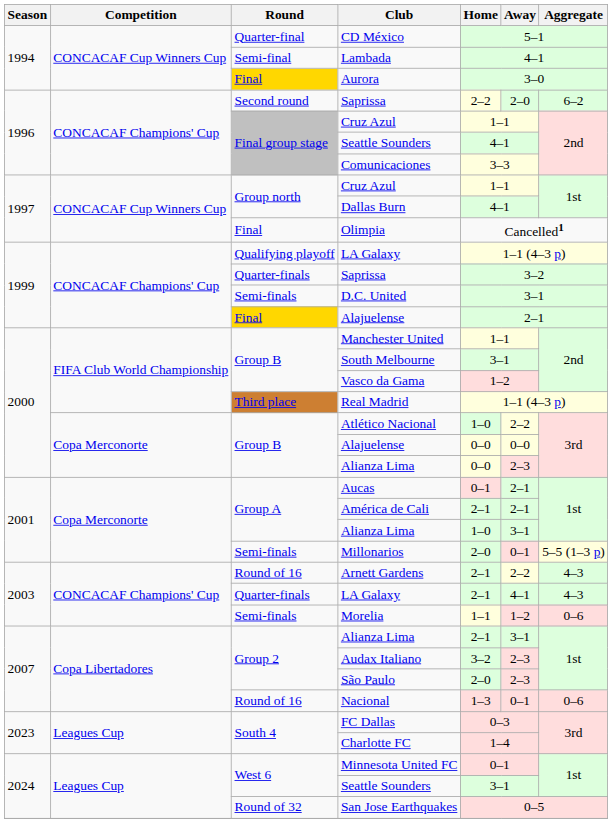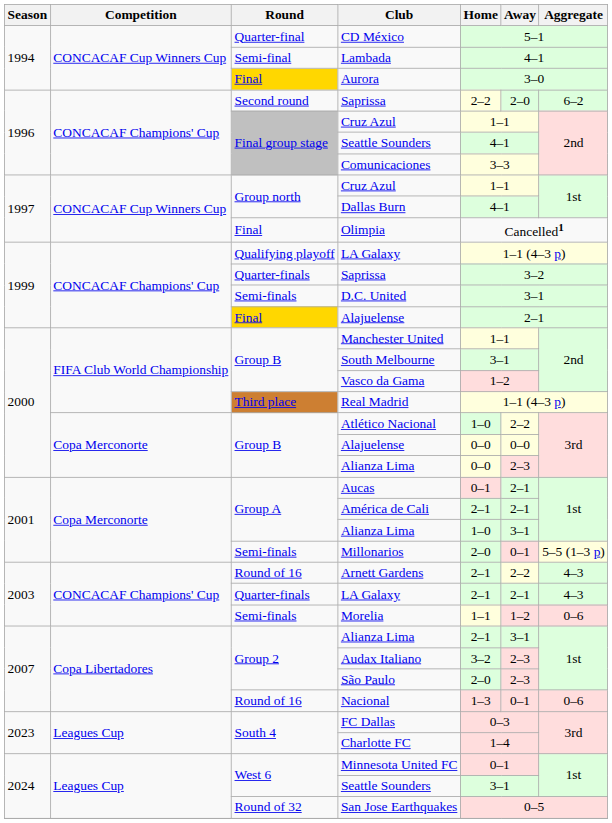 <table class="wikitable">
 <tr>
 <th>Season</th>
 <th>Competition</th>
 <th>Round</th>
 <th>Club</th>
 <th>Home</th>
 <th>Away</th>
 <th>Aggregate</th>
 </tr>
 <tr>
 <td rowspan=3>1994</td>
 <td rowspan=3><a href='#'>CONCACAF Cup Winners Cup</a></td>
 <td rowspan=1><a href='#'>Quarter-final</a></td>
 <td> <a href='#'>CD México</a></td>
 <td colspan=3 style="text-align:center; background:#dfd;">5–1</td>
 </tr>
 <tr>
 <td rowspan=1><a href='#'>Semi-final</a></td>
 <td> <a href='#'>Lambada</a></td>
 <td colspan=3 style="text-align:center; background:#dfd;">4–1</td>
 </tr>
 <tr>
 <td style="background:#FFD700"><a href='#'>Final</a></td>
 <td> <a href='#'>Aurora</a></td>
 <td colspan=3 style="text-align:center; background:#dfd;">3–0</td>
 </tr>
 <tr>
 <td rowspan=4>1996</td>
 <td rowspan=4><a href='#'>CONCACAF Champions' Cup</a></td>
 <td><a href='#'>Second round</a></td>
 <td> <a href='#'>Saprissa</a></td>
 <td style="text-align:center; background:#ffd;">2–2</td>
 <td style="text-align:center; background:#dfd;">2–0</td>
 <td style="text-align:center; background:#dfd;">6–2</td>
 </tr>
 <tr>
 <td rowspan=3 style="background:#C0C0C0;"><a href='#'>Final group stage</a></td>
 <td> <a href='#'>Cruz Azul</a></td>
 <td colspan=2 style="text-align:center; background:#ffd;">1–1</td>
 <td rowspan=3 style="text-align:center; background:#fdd;">2nd</td>
 </tr>
 <tr>
 <td> <a href='#'>Seattle Sounders</a></td>
 <td colspan=2 style="text-align:center; background:#dfd;">4–1</td>
 </tr>
 <tr>
 <td> <a href='#'>Comunicaciones</a></td>
 <td colspan=2 style="text-align:center; background:#ffd;">3–3</td>
 </tr>
 <tr>
 <td rowspan=3>1997</td>
 <td rowspan=3><a href='#'>CONCACAF Cup Winners Cup</a></td>
 <td rowspan=2><a href='#'>Group north</a></td>
 <td> <a href='#'>Cruz Azul</a></td>
 <td colspan=2 style="text-align:center; background:#ffd;">1–1</td>
 <td rowspan=2 style="text-align:center; background:#dfd;">1st</td>
 </tr>
 <tr>
 <td> <a href='#'>Dallas Burn</a></td>
 <td colspan=2 style="text-align:center; background:#dfd;">4–1</td>
 </tr>
 <tr>
 <td><a href='#'>Final</a></td>
 <td> <a href='#'>Olimpia</a></td>
 <td colspan=3 style="text-align:center">Cancelled<sup><strong>1</strong></sup></td>
 </tr>
 <tr>
 <td rowspan=4>1999</td>
 <td rowspan=4><a href='#'>CONCACAF Champions' Cup</a></td>
 <td rowspan=1><a href='#'>Qualifying playoff</a></td>
 <td> <a href='#'>LA Galaxy</a></td>
 <td colspan=3 style="text-align:center;background:#ffd;">1–1 (4–3 <a href='#'>p</a>)</td>
 </tr>
 <tr>
 <td rowspan=1><a href='#'>Quarter-finals</a></td>
 <td> <a href='#'>Saprissa</a></td>
 <td colspan=3 style="text-align:center;background:#dfd;">3–2</td>
 </tr>
 <tr>
 <td rowspan=1><a href='#'>Semi-finals</a></td>
 <td> <a href='#'>D.C. United</a></td>
 <td colspan=3 style="text-align:center;background:#dfd;">3–1</td>
 </tr>
 <tr>
 <td rowspan=1 style="background:#FFD700"><a href='#'>Final</a></td>
 <td> <a href='#'>Alajuelense</a></td>
 <td colspan=3 style="text-align:center;background:#dfd;">2–1</td>
 </tr>
 <tr>
 <td rowspan=7>2000</td>
 <td rowspan=4><a href='#'>FIFA Club World Championship</a></td>
 <td rowspan=3><a href='#'>Group B</a></td>
 <td> <a href='#'>Manchester United</a></td>
 <td colspan=2 style="text-align:center; background:#ffd;">1–1</td>
 <td rowspan=3 style="text-align:center; background:#dfd;">2nd</td>
 </tr>
 <tr>
 <td> <a href='#'>South Melbourne</a></td>
 <td colspan=2 style="text-align:center; background:#dfd;">3–1</td>
 </tr>
 <tr>
 <td> <a href='#'>Vasco da Gama</a></td>
 <td colspan=2 style="text-align:center; background:#fdd;">1–2</td>
 </tr>
 <tr>
 <td rowspan=1 style="background:#CD7F32"><a href='#'>Third place</a></td>
 <td> <a href='#'>Real Madrid</a></td>
 <td colspan=3 style="text-align:center;background:#ffd;">1–1 (4–3 <a href='#'>p</a>)</td>
 </tr>
 <tr>
 <td rowspan=3><a href='#'> Copa Merconorte</a></td>
 <td rowspan=3><a href='#'>Group B</a></td>
 <td> <a href='#'>Atlético Nacional</a></td>
 <td style="text-align:center; background:#dfd;">1–0</td>
 <td style="text-align:center; background:#ffd;">2–2</td>
 <td rowspan=3 style="text-align:center; background:#fdd;">3rd</td>
 </tr>
 <tr>
 <td> <a href='#'>Alajuelense</a></td>
 <td style="text-align:center; background:#ffd;">0–0</td>
 <td style="text-align:center; background:#ffd;">0–0</td>
 </tr>
 <tr>
 <td> <a href='#'>Alianza Lima</a></td>
 <td style="text-align:center; background:#ffd;">0–0</td>
 <td style="text-align:center; background:#fdd;">2–3</td>
 </tr>
 <tr>
 <td rowspan=4>2001</td>
 <td rowspan=4><a href='#'>Copa Merconorte</a></td>
 <td rowspan=3><a href='#'>Group A</a></td>
 <td> <a href='#'>Aucas</a></td>
 <td style="text-align:center; background:#fdd;">0–1</td>
 <td style="text-align:center; background:#dfd;">2–1</td>
 <td rowspan=3 style="text-align:center; background:#dfd;">1st</td>
 </tr>
 <tr>
 <td> <a href='#'>América de Cali</a></td>
 <td style="text-align:center; background:#dfd;">2–1</td>
 <td style="text-align:center; background:#dfd;">2–1</td>
 </tr>
 <tr>
 <td> <a href='#'>Alianza Lima</a></td>
 <td style="text-align:center; background:#dfd;">1–0</td>
 <td style="text-align:center; background:#dfd;">3–1</td>
 </tr>
 <tr>
 <td rowspan=1><a href='#'>Semi-finals</a></td>
 <td> <a href='#'>Millonarios</a></td>
 <td style="text-align:center; background:#dfd;">2–0</td>
 <td style="text-align:center; background:#fdd;">0–1</td>
 <td rowspan=1 style="text-align:center; background:#ffd;">5–5 (1–3 <a href='#'>p</a>)</td>
 </tr>
 <tr>
 <td rowspan=3>2003</td>
 <td rowspan=3><a href='#'>CONCACAF Champions' Cup</a></td>
 <td rowspan=1><a href='#'>Round of 16</a></td>
 <td> <a href='#'>Arnett Gardens</a></td>
 <td style="text-align:center; background:#dfd;">2–1</td>
 <td style="text-align:center; background:#ffd;">2–2</td>
 <td style="text-align:center; background:#dfd;">4–3</td>
 </tr>
 <tr>
 <td rowspan=1><a href='#'>Quarter-finals</a></td>
 <td> <a href='#'>LA Galaxy</a></td>
 <td style="text-align:center; background:#dfd;">2–1</td>
-<td style="text-align:center; background:#dfd;">4–1</td>
+<td style="text-align:center; background:#dfd;">2–1</td>
 <td style="text-align:center; background:#dfd;">4–3</td>
 </tr>
 <tr>
 <td rowspan=1><a href='#'>Semi-finals</a></td>
 <td> <a href='#'>Morelia</a></td>
 <td style="text-align:center; background:#ffd;">1–1</td>
 <td style="text-align:center; background:#fdd;">1–2</td>
 <td style="text-align:center; background:#fdd;">0–6</td>
 </tr>
 <tr>
 <td rowspan=4>2007</td>
 <td rowspan=4><a href='#'>Copa Libertadores</a></td>
 <td rowspan=3><a href='#'>Group 2</a></td>
 <td> <a href='#'>Alianza Lima</a></td>
 <td style="text-align:center; background:#dfd;">2–1</td>
 <td style="text-align:center; background:#dfd;">3–1</td>
 <td rowspan=3 style="text-align:center; background:#dfd;">1st</td>
 </tr>
 <tr>
 <td> <a href='#'>Audax Italiano</a></td>
 <td style="text-align:center; background:#dfd;">3–2</td>
 <td style="text-align:center; background:#fdd;">2–3</td>
 </tr>
 <tr>
 <td> <a href='#'>São Paulo</a></td>
 <td style="text-align:center; background:#dfd;">2–0</td>
 <td style="text-align:center; background:#fdd;">2–3</td>
 </tr>
 <tr>
 <td rowspan=1><a href='#'>Round of 16</a></td>
 <td> <a href='#'>Nacional</a></td>
 <td style="text-align:center; background:#fdd;">1–3</td>
 <td style="text-align:center; background:#fdd;">0–1</td>
 <td style="text-align:center; background:#fdd;">0–6</td>
 </tr>
 <tr>
 <td rowspan=2>2023</td>
 <td rowspan=2><a href='#'>Leagues Cup</a></td>
 <td rowspan=2><a href='#'>South 4</a></td>
 <td> <a href='#'>FC Dallas</a></td>
 <td colspan=2 style="text-align:center; background:#fdd;">0–3</td>
 <td rowspan=2 style="text-align:center; background:#fdd;">3rd</td>
 </tr>
 <tr>
 <td> <a href='#'>Charlotte FC</a></td>
 <td colspan=2 style="text-align:center; background:#fdd;">1–4</td>
 </tr>
 <tr>
 <td rowspan=3>2024</td>
 <td rowspan=3><a href='#'>Leagues Cup</a></td>
 <td rowspan=2><a href='#'>West 6</a></td>
 <td> <a href='#'>Minnesota United FC</a></td>
 <td colspan=2 style="text-align:center; background:#fdd;">0–1</td>
 <td rowspan=2 style="text-align:center; background:#dfd;">1st</td>
 </tr>
 <tr>
 <td> <a href='#'>Seattle Sounders</a></td>
 <td colspan=2 style="text-align:center; background:#dfd;">3–1</td>
 </tr>
 <tr>
 <td rowspan=1><a href='#'>Round of 32</a></td>
 <td> <a href='#'>San Jose Earthquakes</a></td>
 <td colspan=3 style="text-align:center; background:#fdd;">0–5</td>
 </tr>
 <tr>
 </tr>
 </table>
